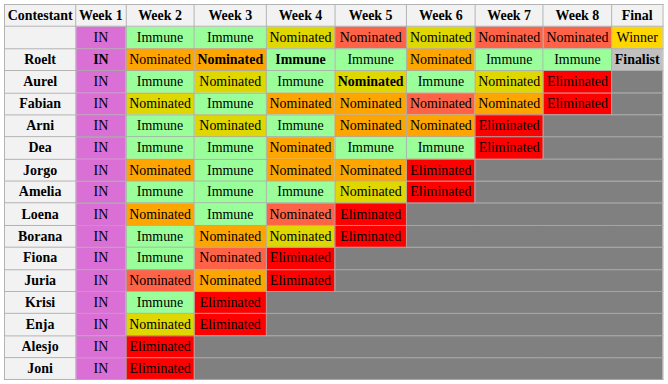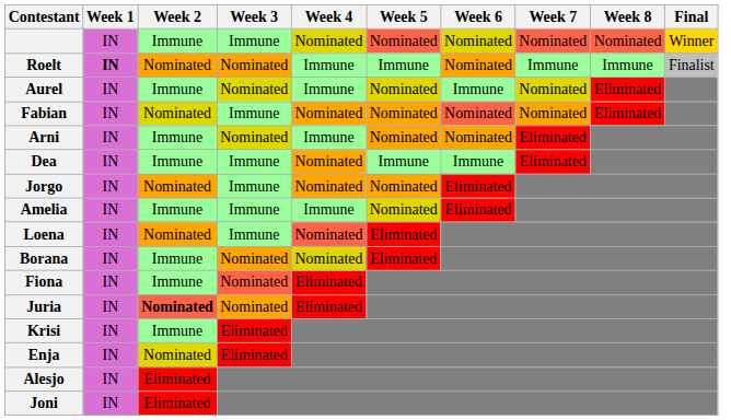 <table class="wikitable plainrowheaders" style="text-align:center">
 <tr>
 <th>Contestant</th>
 <th>Week 1</th>
 <th>Week 2</th>
 <th>Week 3</th>
 <th>Week 4</th>
 <th>Week 5</th>
 <th>Week 6</th>
 <th>Week 7</th>
 <th>Week 8</th>
 <th colspan=2>Final</th>
 </tr>
 <tr>
 <th></th>
 <td bgcolor=orchid>IN</td>
 <td bgcolor=#9aff9a>Immune</td>
 <td bgcolor=#9aff9a>Immune</td>
 <td bgcolor=#ded700>Nominated</td>
 <td bgcolor=tomato>Nominated</td>
 <td bgcolor=#ded700>Nominated</td>
 <td bgcolor=tomato>Nominated</td>
 <td bgcolor=tomato>Nominated</td>
 <td bgcolor=gold>Winner</td>
 </tr>
 <tr>
 <th>Roelt</th>
 <td bgcolor=orchid><strong>IN</strong></td>
 <td bgcolor=orange>Nominated</td>
-<td bgcolor=orange><strong>Nominated</strong></td>
-<td bgcolor=#9aff9a><strong>Immune</strong></td>
+<td bgcolor=orange>Nominated</td>
+<td bgcolor=#9aff9a>Immune</td>
 <td bgcolor=#9aff9a>Immune</td>
 <td bgcolor=orange>Nominated</td>
 <td bgcolor=#9aff9a>Immune</td>
 <td bgcolor=#9aff9a>Immune</td>
-<td bgcolor=silver><strong>Finalist</strong></td>
+<td bgcolor=silver>Finalist</td>
 </tr>
 <tr>
 <th>Aurel</th>
 <td bgcolor=orchid>IN</td>
 <td bgcolor=#9aff9a>Immune</td>
 <td bgcolor=#ded700>Nominated</td>
 <td bgcolor=#9aff9a>Immune</td>
-<td bgcolor=#ded700><strong>Nominated</strong></td>
+<td bgcolor=#ded700>Nominated</td>
 <td bgcolor=#9aff9a>Immune</td>
 <td bgcolor=#ded700>Nominated</td>
 <td bgcolor=red>Eliminated</td>
 <td colspan=2 bgcolor=grey></td>
 </tr>
 <tr>
 <th>Fabian</th>
 <td bgcolor=orchid>IN</td>
 <td bgcolor=#ded700>Nominated</td>
 <td bgcolor=#9aff9a>Immune</td>
 <td bgcolor=orange>Nominated</td>
 <td bgcolor=orange>Nominated</td>
 <td bgcolor=tomato>Nominated</td>
 <td bgcolor=orange>Nominated</td>
 <td bgcolor=red>Eliminated</td>
 <td colspan=2 bgcolor=grey></td>
 </tr>
 <tr>
 <th>Arni</th>
 <td bgcolor=orchid>IN</td>
 <td bgcolor=#9aff9a>Immune</td>
 <td bgcolor=#ded700>Nominated</td>
 <td bgcolor=#9aff9a>Immune</td>
 <td bgcolor=orange>Nominated</td>
 <td bgcolor=orange>Nominated</td>
 <td bgcolor=red>Eliminated</td>
 <td colspan=20 bgcolor=grey></td>
 </tr>
 <tr>
 <th>Dea</th>
 <td bgcolor=orchid>IN</td>
 <td bgcolor=#9aff9a>Immune</td>
 <td bgcolor=#9aff9a>Immune</td>
 <td bgcolor=orange>Nominated</td>
 <td bgcolor=#9aff9a>Immune</td>
 <td bgcolor=#9aff9a>Immune</td>
 <td bgcolor=red>Eliminated</td>
 <td colspan=20 bgcolor=grey></td>
 </tr>
 <tr>
 <th>Jorgo</th>
 <td bgcolor=orchid>IN</td>
 <td bgcolor=orange>Nominated</td>
 <td bgcolor=#9aff9a>Immune</td>
 <td bgcolor=orange>Nominated</td>
 <td bgcolor=orange>Nominated</td>
 <td bgcolor=red>Eliminated</td>
 <td colspan=20 bgcolor=grey></td>
 </tr>
 <tr>
 <th>Amelia</th>
 <td bgcolor=orchid>IN</td>
 <td bgcolor=#9aff9a>Immune</td>
 <td bgcolor=#9aff9a>Immune</td>
 <td bgcolor=#9aff9a>Immune</td>
 <td bgcolor=#ded700>Nominated</td>
 <td bgcolor=red>Eliminated</td>
 <td colspan=20 bgcolor=grey></td>
 </tr>
 <tr>
 <th>Loena</th>
 <td bgcolor=orchid>IN</td>
 <td bgcolor=orange>Nominated</td>
 <td bgcolor=#9aff9a>Immune</td>
 <td bgcolor=tomato>Nominated</td>
 <td bgcolor=red>Eliminated</td>
 <td colspan=20 bgcolor=grey></td>
 </tr>
 <tr>
 <th>Borana</th>
 <td bgcolor=orchid>IN</td>
 <td bgcolor=#9aff9a>Immune</td>
 <td bgcolor=orange>Nominated</td>
 <td bgcolor=#ded700>Nominated</td>
 <td bgcolor=red>Eliminated</td>
 <td colspan=20 bgcolor=grey></td>
 </tr>
 <tr>
 <th>Fiona</th>
 <td bgcolor=orchid>IN</td>
 <td bgcolor=#9aff9a>Immune</td>
 <td bgcolor=tomato>Nominated</td>
 <td bgcolor=red>Eliminated</td>
 <td colspan=20 bgcolor=grey></td>
 </tr>
 <tr>
 <th>Juria</th>
 <td bgcolor=orchid>IN</td>
-<td bgcolor=tomato>Nominated</td>
+<td bgcolor=tomato><strong>Nominated</strong></td>
 <td bgcolor=orange>Nominated</td>
 <td bgcolor=red>Eliminated</td>
 <td colspan=20 bgcolor=grey></td>
 </tr>
 <tr>
 <th>Krisi</th>
 <td bgcolor=orchid>IN</td>
 <td bgcolor=#9aff9a>Immune</td>
 <td bgcolor=red>Eliminated</td>
 <td colspan=20 bgcolor=grey></td>
 </tr>
 <tr>
 <th>Enja</th>
 <td bgcolor=orchid>IN</td>
 <td bgcolor=#ded700>Nominated</td>
 <td bgcolor=red>Eliminated</td>
 <td colspan=20 bgcolor=grey></td>
 </tr>
 <tr>
 <th>Alesjo</th>
 <td bgcolor=orchid>IN</td>
 <td bgcolor=red>Eliminated</td>
 <td colspan=20 bgcolor=grey></td>
 </tr>
 <tr>
 <th>Joni</th>
 <td bgcolor=orchid>IN</td>
 <td bgcolor=red>Eliminated</td>
 <td colspan=20 bgcolor=grey></td>
 </tr>
 </table>
